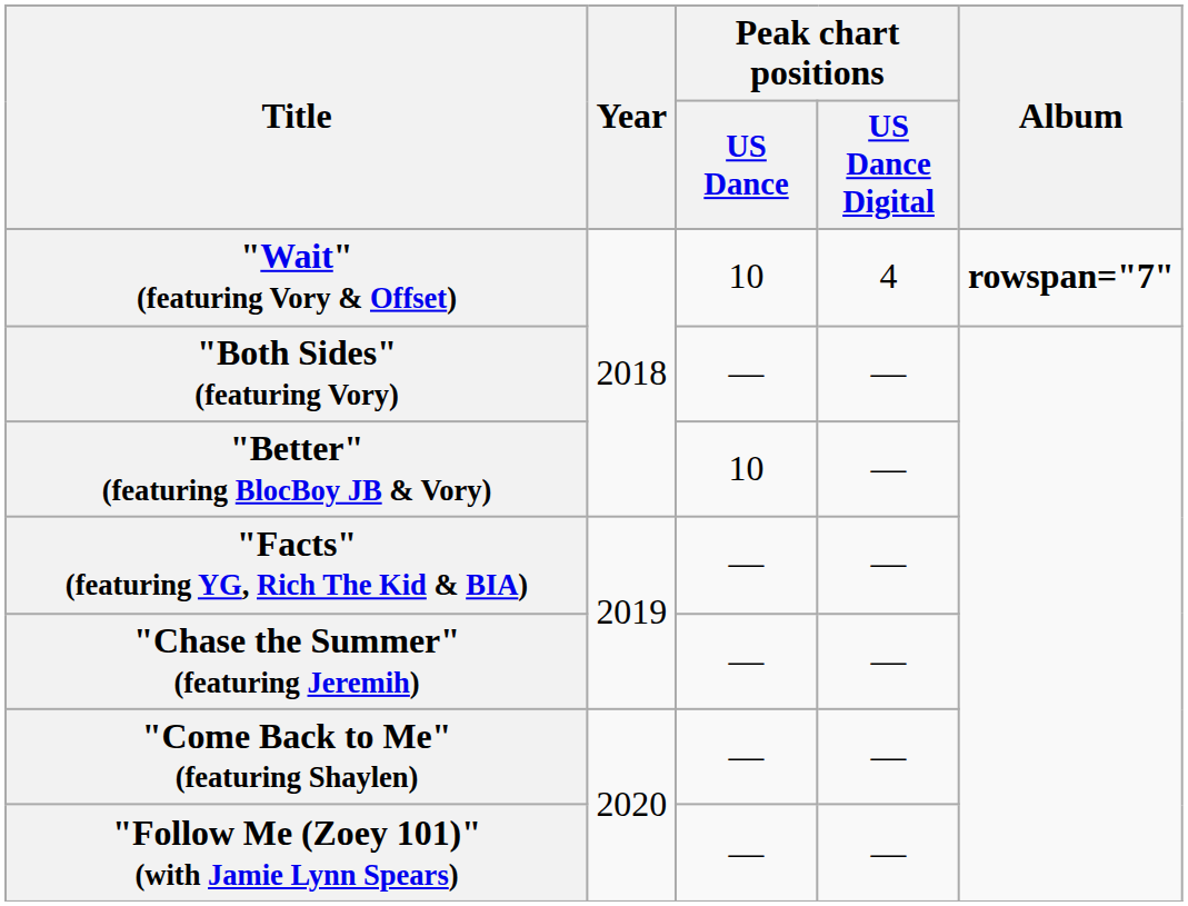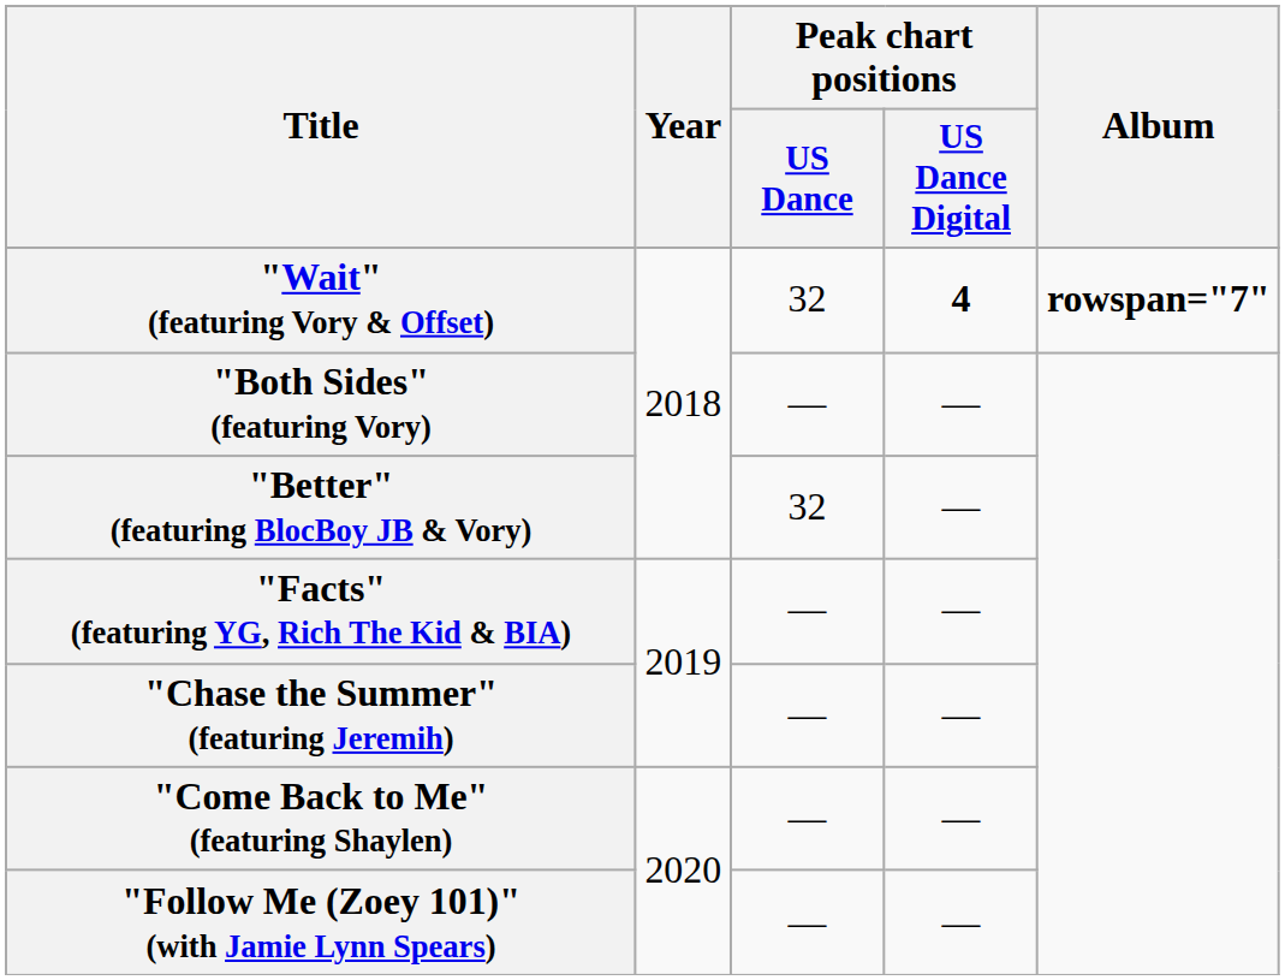 <table class="wikitable plainrowheaders" style="text-align:center;">
 <tr>
 <th scope="col" rowspan="2" style="width:16em;">Title</th>
 <th scope="col" rowspan="2">Year</th>
 <th scope="col" colspan="2">Peak chart positions</th>
 <th scope="col" rowspan="2">Album</th>
 </tr>
 <tr>
 <th scope="col" style="width:4em;font-size:90%;"><a href='#'>US<br>Dance</a><br></th>
 <th scope="col" style="width:4em;font-size:90%;"><a href='#'>US<br>Dance Digital</a><br></th>
 </tr>
 <tr>
 <th scope="row">"<a href='#'>Wait</a>"<br><small>(featuring Vory & <a href='#'>Offset</a>)</small></th>
 <td rowspan="3">2018</td>
-<td>10</td>
-<td>4</td>
+<td>32</td>
+<td><strong>4</strong></td>
 <td><strong>rowspan="7" </strong></td>
 </tr>
 <tr>
 <th scope="row">"Both Sides"<br><small>(featuring Vory)</small></th>
 <td>—</td>
 <td>—</td>
 </tr>
 <tr>
 <th scope="row">"Better"<br><small>(featuring <a href='#'>BlocBoy JB</a> & Vory)</small></th>
-<td>10</td>
+<td>32</td>
 <td>—</td>
 </tr>
 <tr>
 <th scope="row">"Facts"<br><small>(featuring <a href='#'>YG</a>, <a href='#'>Rich The Kid</a> & <a href='#'>BIA</a>)</small></th>
 <td rowspan="2">2019</td>
 <td>—</td>
 <td>—</td>
 </tr>
 <tr>
 <th scope="row">"Chase the Summer"<br><small>(featuring <a href='#'>Jeremih</a>)</small></th>
 <td>—</td>
 <td>—</td>
 </tr>
 <tr>
 <th scope="row">"Come Back to Me"<br><small>(featuring Shaylen)</small></th>
 <td rowspan="2">2020</td>
 <td>—</td>
 <td>—</td>
 </tr>
 <tr>
 <th scope="row">"Follow Me (Zoey 101)"<br><small>(with <a href='#'>Jamie Lynn Spears</a>)</small></th>
 <td>—</td>
 <td>—</td>
 </tr>
 <tr>
 </tr>
 </table>
